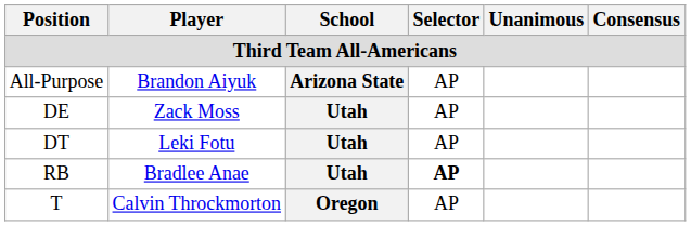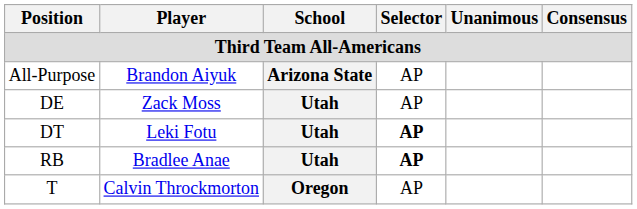 <table class="wikitable">
 <tr>
 <th>Position</th>
 <th>Player</th>
 <th>School</th>
 <th>Selector</th>
 <th>Unanimous</th>
 <th>Consensus</th>
 </tr>
 <tr>
 <td colspan="6" style="text-align:center; background:#ddd;"><strong>Third Team All-Americans</strong></td>
 </tr>
 <tr style="text-align:center;">
 <td style="background:white">All-Purpose</td>
 <td style="background:white"><a href='#'>Brandon Aiyuk</a></td>
 <th style=>Arizona State</th>
 <td style="background:white">AP</td>
 <td style="background:white"></td>
 <td style="background:white"></td>
 </tr>
 <tr style="text-align:center;">
 <td style="background:white">DE</td>
 <td style="background:white"><a href='#'>Zack Moss</a></td>
 <th style=>Utah</th>
 <td style="background:white">AP</td>
 <td style="background:white"></td>
 <td style="background:white"></td>
 </tr>
 <tr style="text-align:center;">
 <td style="background:white">DT</td>
 <td style="background:white"><a href='#'>Leki Fotu</a></td>
 <th style=>Utah</th>
-<td style="background:white">AP</td>
+<td style="background:white"><strong>AP</strong></td>
 <td style="background:white"></td>
 <td style="background:white"></td>
 </tr>
 <tr style="text-align:center;">
 <td style="background:white">RB</td>
 <td style="background:white"><a href='#'>Bradlee Anae</a></td>
 <th style=>Utah</th>
 <td style="background:white"><strong>AP</strong></td>
 <td style="background:white"></td>
 <td style="background:white"></td>
 </tr>
 <tr style="text-align:center;">
 <td style="background:white">T</td>
 <td style="background:white"><a href='#'>Calvin Throckmorton</a></td>
 <th style=>Oregon</th>
 <td style="background:white">AP</td>
 <td style="background:white"></td>
 <td style="background:white"></td>
 </tr>
 </table>
